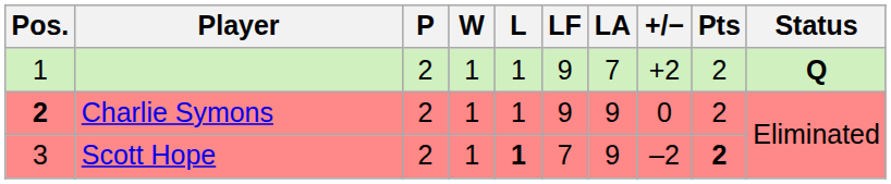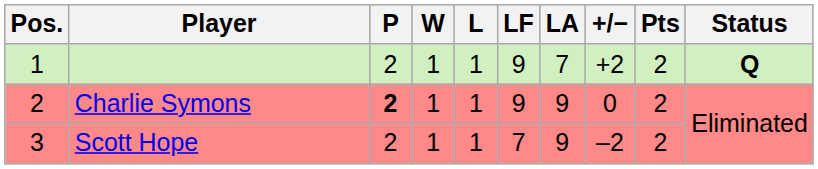 <table class="wikitable" style="text-align:center; margin: 1em auto 1em auto, align:left">
 <tr>
 <th width=20>Pos.</th>
 <th width=185>Player</th>
 <th width=20>P</th>
 <th width=20>W</th>
 <th width=20>L</th>
 <th width=20>LF</th>
 <th width=20>LA</th>
 <th width=25>+/−</th>
 <th width=20>Pts</th>
 <th width=70>Status</th>
 </tr>
 <tr style="background:#D0F0C0;">
 <td>1</td>
 <td align=left></td>
 <td>2</td>
 <td>1</td>
 <td>1</td>
 <td>9</td>
 <td>7</td>
 <td>+2</td>
 <td>2</td>
 <td><strong>Q</strong></td>
 </tr>
 <tr style="background:#FF8888;">
+<td>2</td>
+<td align=left> <a href='#'>Charlie Symons</a></td>
 <td><strong>2</strong></td>
-<td align=left> <a href='#'>Charlie Symons</a></td>
-<td>2</td>
 <td>1</td>
 <td>1</td>
 <td>9</td>
 <td>9</td>
 <td>0</td>
 <td>2</td>
 <td rowspan=2>Eliminated</td>
 </tr>
 <tr style="background:#FF8888;">
 <td>3</td>
 <td align=left> <a href='#'>Scott Hope</a></td>
 <td>2</td>
 <td>1</td>
-<td><strong>1</strong></td>
+<td>1</td>
 <td>7</td>
 <td>9</td>
 <td>–2</td>
-<td><strong>2</strong></td>
+<td>2</td>
 </tr>
 </table>
